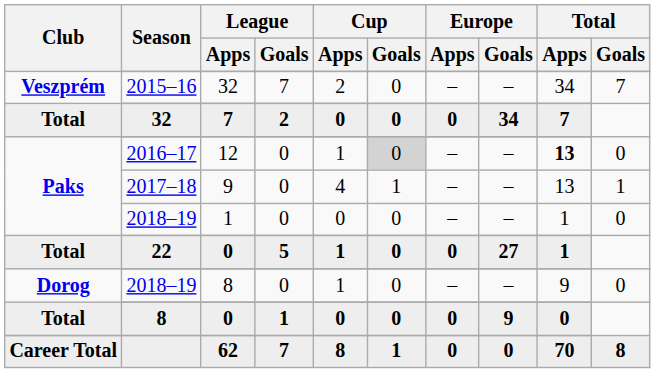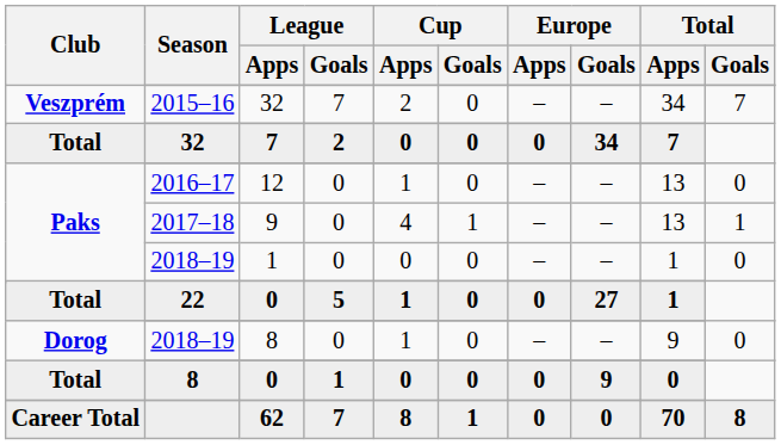 <table class="wikitable" style="font-size:90%; text-align: center;">
 <tr>
 <th rowspan="2">Club</th>
 <th rowspan="2">Season</th>
 <th colspan="2">League</th>
 <th colspan="2">Cup</th>
 <th colspan="2">Europe</th>
 <th colspan="2">Total</th>
 </tr>
 <tr>
 <th>Apps</th>
 <th>Goals</th>
 <th>Apps</th>
 <th>Goals</th>
 <th>Apps</th>
 <th>Goals</th>
 <th>Apps</th>
 <th>Goals</th>
 </tr>
 <tr ||-||-||-|->
 <td rowspan="3" valign="center"><strong><a href='#'>Veszprém</a></strong></td>
 </tr>
 <tr>
 <td><a href='#'>2015–16</a></td>
 <td>32</td>
 <td>7</td>
 <td>2</td>
 <td>0</td>
 <td>–</td>
 <td>–</td>
 <td>34</td>
 <td>7</td>
 </tr>
 <tr>
 </tr>
 <tr style="font-weight:bold; background-color:#eeeeee;">
 <td>Total</td>
 <td>32</td>
 <td>7</td>
 <td>2</td>
 <td>0</td>
 <td>0</td>
 <td>0</td>
 <td>34</td>
 <td>7</td>
 </tr>
 <tr>
 <td rowspan="5" valign="center"><strong><a href='#'>Paks</a></strong></td>
 </tr>
 <tr>
 <td><a href='#'>2016–17</a></td>
 <td>12</td>
 <td>0</td>
 <td>1</td>
-<td style="background: lightgrey;">0</td>
+<td>0</td>
 <td>–</td>
 <td>–</td>
-<td><strong>13</strong></td>
+<td>13</td>
 <td>0</td>
 </tr>
 <tr>
 <td><a href='#'>2017–18</a></td>
 <td>9</td>
 <td>0</td>
 <td>4</td>
 <td>1</td>
 <td>–</td>
 <td>–</td>
 <td>13</td>
 <td>1</td>
 </tr>
 <tr>
 <td><a href='#'>2018–19</a></td>
 <td>1</td>
 <td>0</td>
 <td>0</td>
 <td>0</td>
 <td>–</td>
 <td>–</td>
 <td>1</td>
 <td>0</td>
 </tr>
 <tr>
 </tr>
 <tr style="font-weight:bold; background-color:#eeeeee;">
 <td>Total</td>
 <td>22</td>
 <td>0</td>
 <td>5</td>
 <td>1</td>
 <td>0</td>
 <td>0</td>
 <td>27</td>
 <td>1</td>
 </tr>
 <tr>
 <td rowspan="3" valign="center"><strong><a href='#'>Dorog</a></strong></td>
 </tr>
 <tr>
 <td><a href='#'>2018–19</a></td>
 <td>8</td>
 <td>0</td>
 <td>1</td>
 <td>0</td>
 <td>–</td>
 <td>–</td>
 <td>9</td>
 <td>0</td>
 </tr>
 <tr>
 </tr>
 <tr style="font-weight:bold; background-color:#eeeeee;">
 <td>Total</td>
 <td>8</td>
 <td>0</td>
 <td>1</td>
 <td>0</td>
 <td>0</td>
 <td>0</td>
 <td>9</td>
 <td>0</td>
 </tr>
 <tr>
 </tr>
 <tr style="font-weight:bold; background-color:#eeeeee;">
 <td rowspan="1" valign="top"><strong>Career Total</strong></td>
 <td></td>
 <td><strong>62</strong></td>
 <td><strong>7</strong></td>
 <td><strong>8</strong></td>
 <td><strong>1</strong></td>
 <td><strong>0</strong></td>
 <td><strong>0</strong></td>
 <td><strong>70</strong></td>
 <td><strong>8</strong></td>
 </tr>
 </table>
